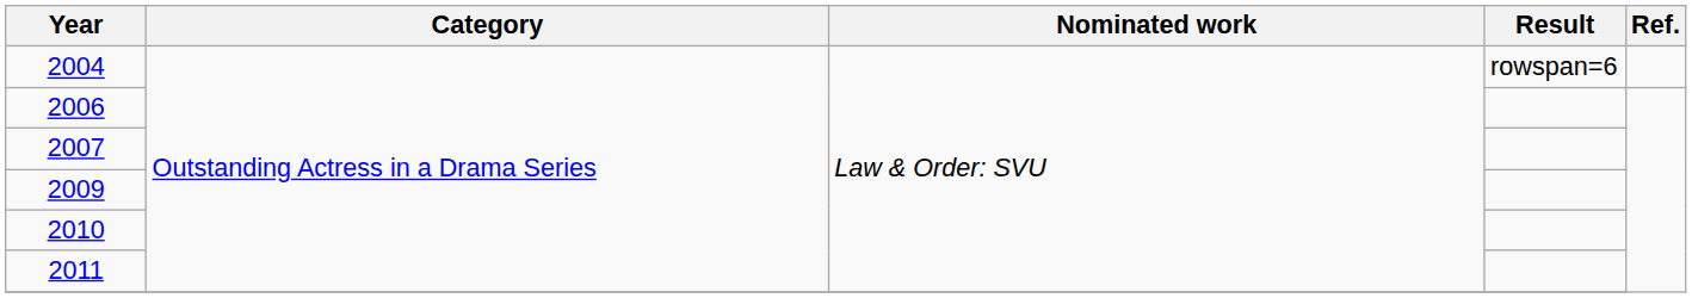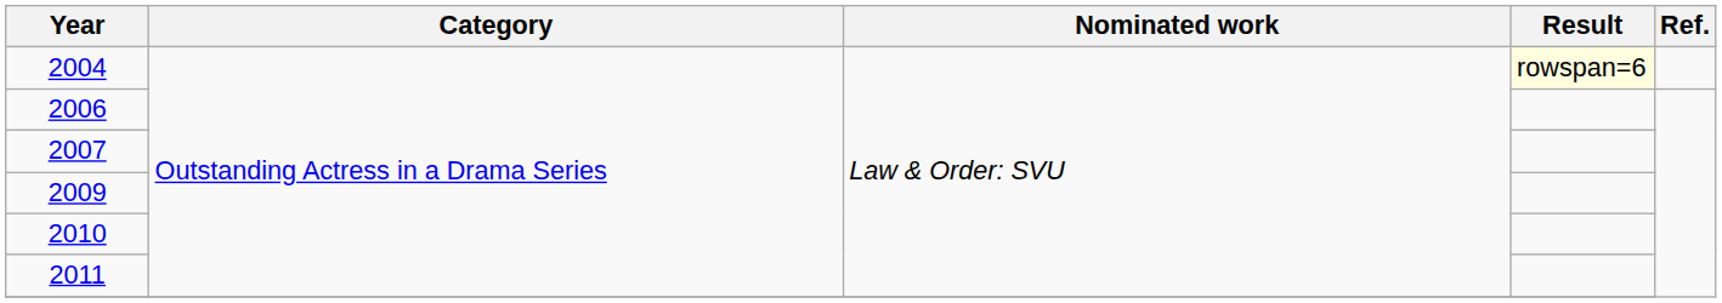 <table class=wikitable>
 <tr>
 <th scope="col" style="width:5em;">Year</th>
 <th scope="col" style="width:26em;">Category</th>
 <th scope="col" style="width:25em;">Nominated work</th>
 <th scope="col" style="width:5em;">Result</th>
 <th>Ref.</th>
 </tr>
 <tr>
 <td style="text-align:center;"><a href='#'>2004</a></td>
 <td rowspan=6><a href='#'>Outstanding Actress in a Drama Series</a></td>
 <td rowspan=6><em>Law & Order: SVU</em></td>
-<td>rowspan=6 </td>
+<td style="background: lightyellow;">rowspan=6 </td>
 <td style="text-align:center;"></td>
 </tr>
 <tr>
 <td style="text-align:center;"><a href='#'>2006</a></td>
 <td style="text-align:center;"></td>
 </tr>
 <tr>
 <td style="text-align:center;"><a href='#'>2007</a></td>
 <td style="text-align:center;"></td>
 </tr>
 <tr>
 <td style="text-align:center;"><a href='#'>2009</a></td>
 <td style="text-align:center;"></td>
 </tr>
 <tr>
 <td style="text-align:center;"><a href='#'>2010</a></td>
 <td style="text-align:center;"></td>
 </tr>
 <tr>
 <td style="text-align:center;"><a href='#'>2011</a></td>
 <td style="text-align:center;"></td>
 </tr>
 <tr>
 </tr>
 </table>
